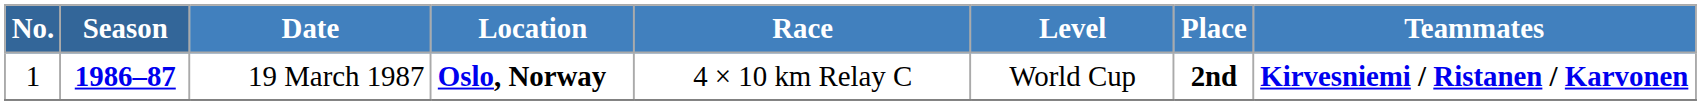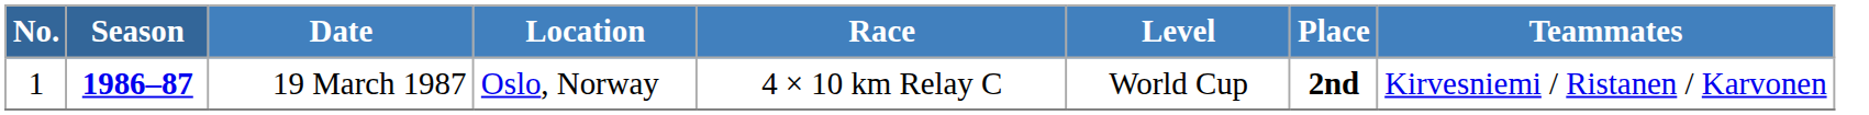 <table class="wikitable sortable" style="font-size:95%; text-align:center; border:grey solid 1px; border-collapse:collapse; background:#ffffff;">
 <tr style="background:#efefef;">
 <th style="background-color:#369; color:white;">No.</th>
 <th style="background-color:#369; color:white;">Season</th>
 <th style="background-color:#4180be; color:white; width:120px;">Date</th>
 <th style="background-color:#4180be; color:white; width:100px;">Location</th>
 <th style="background-color:#4180be; color:white; width:170px;">Race</th>
 <th style="background-color:#4180be; color:white; width:100px;">Level</th>
 <th style="background-color:#4180be; color:white;">Place</th>
 <th style="background-color:#4180be; color:white;">Teammates</th>
 </tr>
 <tr>
 <td align=center>1</td>
 <td rowspan=1 align=center><strong> <a href='#'>1986–87</a> </strong></td>
 <td align=right>19 March 1987</td>
-<td align=left><strong> <a href='#'>Oslo</a>, Norway</strong></td>
+<td align=left> <a href='#'>Oslo</a>, Norway</td>
 <td>4 × 10 km Relay C</td>
 <td>World Cup</td>
 <td><strong>2nd</strong></td>
-<td><strong><a href='#'>Kirvesniemi</a> / <a href='#'>Ristanen</a> / <a href='#'>Karvonen</a></strong></td>
+<td><a href='#'>Kirvesniemi</a> / <a href='#'>Ristanen</a> / <a href='#'>Karvonen</a></td>
 </tr>
 <tr>
 </tr>
 </table>
